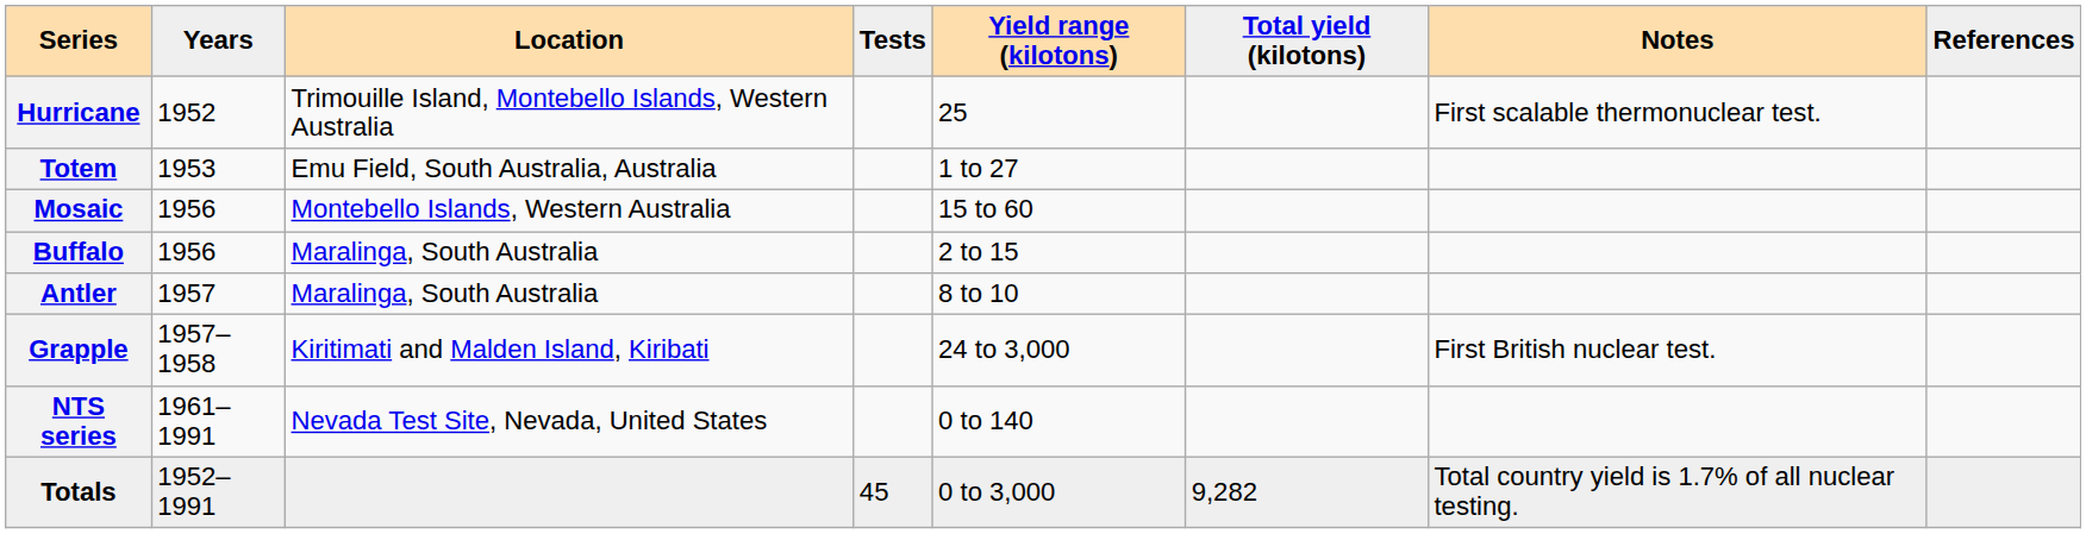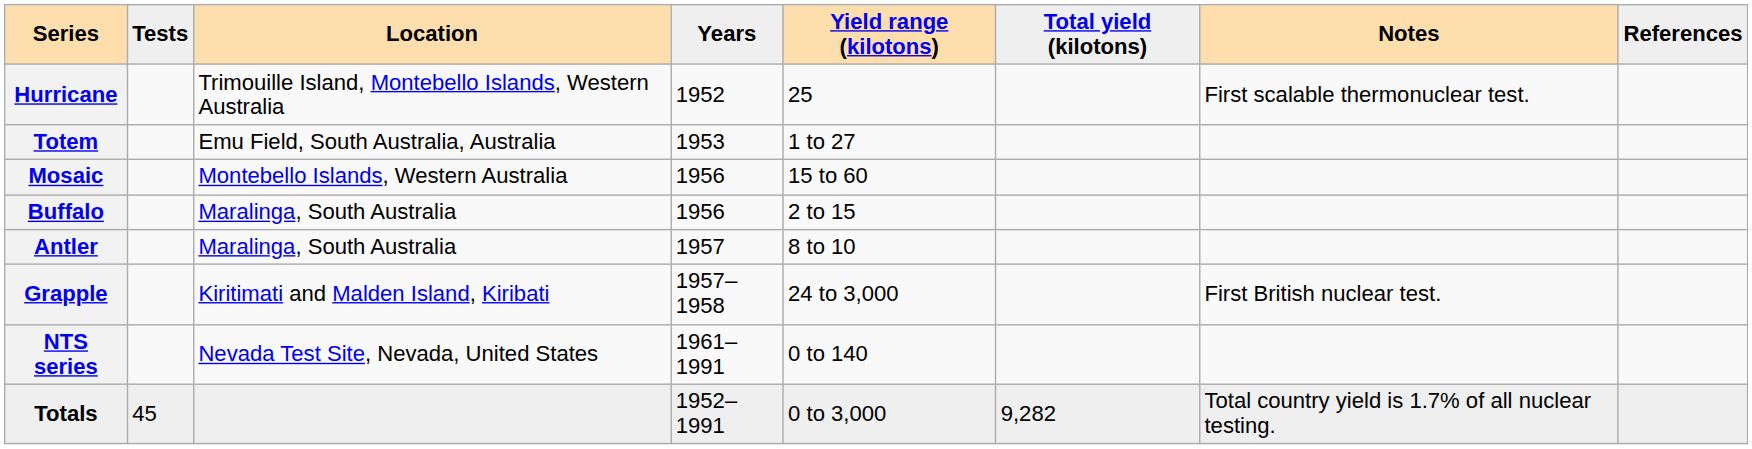 <table class="wikitable" style="margin-left: auto; margin-right: auto; border: none;">
 <tr>
 <th style="background:#ffdead;">Series</th>
+<th style="background:#efefef;" class="unsortable">Tests</th>
+<th style="background:#ffdead;">Location</th>
 <th style="background:#efefef;">Years</th>
-<th style="background:#ffdead;">Location</th>
-<th style="background:#efefef;" class="unsortable">Tests</th>
 <th style="background:#ffdead;"><a href='#'>Yield range</a> (<a href='#'>kilotons</a>)</th>
 <th style="background:#efefef; text-align:center;" class="unsortable"><a href='#'>Total yield</a> (kilotons)</th>
 <th style="background:#ffdead;">Notes</th>
 <th style="background:#efefef;">References</th>
 </tr>
 <tr>
 <th><a href='#'>Hurricane</a></th>
+<td></td>
+<td> Trimouille Island, <a href='#'>Montebello Islands</a>, Western Australia</td>
 <td>1952</td>
-<td> Trimouille Island, <a href='#'>Montebello Islands</a>, Western Australia</td>
-<td></td>
 <td>25</td>
 <td></td>
 <td style="text-align:left;">First scalable thermonuclear test.</td>
 <td></td>
 </tr>
 <tr>
 <th><a href='#'>Totem</a></th>
+<td></td>
+<td> Emu Field, South Australia, Australia</td>
 <td>1953</td>
-<td> Emu Field, South Australia, Australia</td>
-<td></td>
 <td>1 to 27</td>
 <td></td>
 <td style="text-align:left;"></td>
 <td></td>
 </tr>
 <tr>
 <th><a href='#'>Mosaic</a></th>
+<td></td>
+<td> <a href='#'>Montebello Islands</a>, Western Australia</td>
 <td>1956</td>
-<td> <a href='#'>Montebello Islands</a>, Western Australia</td>
-<td></td>
 <td>15 to 60</td>
 <td></td>
 <td style="text-align:left;"></td>
 <td></td>
 </tr>
 <tr>
 <th><a href='#'>Buffalo</a></th>
+<td></td>
+<td> <a href='#'>Maralinga</a>, South Australia</td>
 <td>1956</td>
-<td> <a href='#'>Maralinga</a>, South Australia</td>
-<td></td>
 <td>2 to 15</td>
 <td></td>
 <td style="text-align:left;"></td>
 <td></td>
 </tr>
 <tr>
 <th><a href='#'>Antler</a></th>
+<td></td>
+<td> <a href='#'>Maralinga</a>, South Australia</td>
 <td>1957</td>
-<td> <a href='#'>Maralinga</a>, South Australia</td>
-<td></td>
 <td>8 to 10</td>
 <td></td>
 <td style="text-align:left;"></td>
 <td></td>
 </tr>
 <tr>
 <th><a href='#'>Grapple</a></th>
+<td></td>
+<td> <a href='#'>Kiritimati</a> and <a href='#'>Malden Island</a>, <a href='#'>Kiribati</a></td>
 <td>1957–1958</td>
-<td> <a href='#'>Kiritimati</a> and <a href='#'>Malden Island</a>, <a href='#'>Kiribati</a></td>
-<td></td>
 <td>24 to 3,000</td>
 <td></td>
 <td style="text-align:left;">First British nuclear test.</td>
 <td></td>
 </tr>
 <tr>
 <th><a href='#'>NTS series</a></th>
+<td></td>
+<td> <a href='#'>Nevada Test Site</a>, Nevada, United States</td>
 <td>1961–1991</td>
-<td> <a href='#'>Nevada Test Site</a>, Nevada, United States</td>
-<td></td>
 <td>0 to 140</td>
 <td></td>
 <td style="text-align:left;"></td>
 <td></td>
 </tr>
 <tr class="sortbottom">
 <th style="background:#efefef;">Totals</th>
+<td style="background:#efefef;">45</td>
+<td style="background:#efefef;"></td>
 <td style="background:#efefef;">1952–1991</td>
-<td style="background:#efefef;"></td>
-<td style="background:#efefef;">45</td>
 <td style="background:#efefef;">0 to 3,000</td>
 <td style="background:#efefef;">9,282</td>
 <td style="background:#efefef;text-align:left;">Total country yield is 1.7% of all nuclear testing.</td>
 <td style="background:#efefef;"></td>
 </tr>
 </table>
